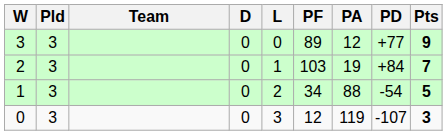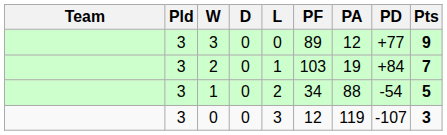 <table class="wikitable" style="text-align:center;">
 <tr>
+<th width=155>Team</th>
+<th width=25 abbr="Played">Pld</th>
 <th width=25 abbr="Won">W</th>
-<th width=25 abbr="Played">Pld</th>
-<th width=155>Team</th>
 <th width=25 abbr="Drawn">D</th>
 <th width=25 abbr="Lost">L</th>
 <th width=32 abbr="Points for">PF</th>
 <th width=32 abbr="Points against">PA</th>
 <th width=32 abbr="Points difference">PD</th>
 <th width=25 abbr="Points">Pts</th>
 </tr>
 <tr style="background:#ccffcc">
+<td align=left></td>
 <td>3</td>
 <td>3</td>
-<td align=left></td>
 <td>0</td>
 <td>0</td>
 <td>89</td>
 <td>12</td>
 <td>+77</td>
 <td><strong>9</strong></td>
 </tr>
 <tr style="background:#ccffcc">
+<td align=left></td>
+<td>3</td>
 <td>2</td>
-<td>3</td>
-<td align=left></td>
 <td>0</td>
 <td>1</td>
 <td>103</td>
 <td>19</td>
 <td>+84</td>
 <td><strong>7</strong></td>
 </tr>
 <tr style="background:#ccffcc">
+<td align=left></td>
+<td>3</td>
 <td>1</td>
-<td>3</td>
-<td align=left></td>
 <td>0</td>
 <td>2</td>
 <td>34</td>
 <td>88</td>
 <td>-54</td>
 <td><strong>5</strong></td>
 </tr>
 <tr>
+<td align=left></td>
+<td>3</td>
 <td>0</td>
-<td>3</td>
-<td align=left></td>
 <td>0</td>
 <td>3</td>
 <td>12</td>
 <td>119</td>
 <td>-107</td>
 <td><strong>3</strong></td>
 </tr>
 </table>
